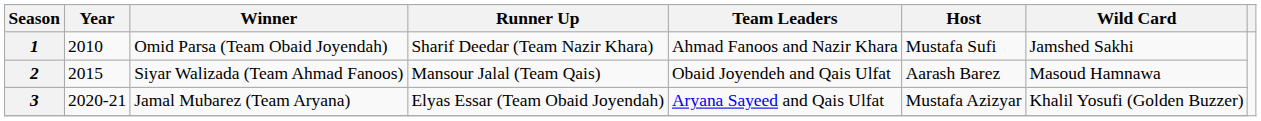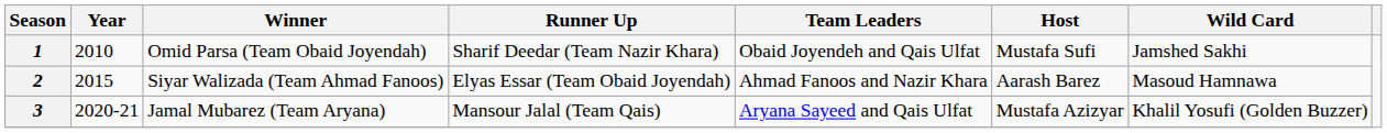 <table class="wikitable plainrowheaders sortable" style="margin-right: 0;">
 <tr>
 <th scope="col">Season</th>
 <th scope="col">Year</th>
 <th scope="col">Winner</th>
 <th scope="col">Runner Up</th>
 <th scope="col">Team Leaders</th>
 <th scope="col">Host</th>
 <th scope="col">Wild Card</th>
 <th scope="col" class="unsortable"></th>
 </tr>
 <tr>
 <th scope="row"><em>1</em></th>
 <td>2010</td>
 <td>Omid Parsa (Team Obaid Joyendah)</td>
 <td>Sharif Deedar (Team Nazir Khara)</td>
-<td>Ahmad Fanoos and Nazir Khara</td>
+<td>Obaid Joyendeh and Qais Ulfat</td>
 <td>Mustafa Sufi</td>
 <td>Jamshed Sakhi</td>
 </tr>
 <tr>
 <th scope="row"><em>2</em></th>
 <td>2015</td>
 <td>Siyar Walizada (Team Ahmad Fanoos)</td>
-<td>Mansour Jalal (Team Qais)</td>
-<td>Obaid Joyendeh and Qais Ulfat</td>
+<td>Elyas Essar (Team Obaid Joyendah)</td>
+<td>Ahmad Fanoos and Nazir Khara</td>
 <td>Aarash Barez</td>
 <td>Masoud Hamnawa</td>
 </tr>
 <tr>
 <th scope="row"><em>3</em></th>
 <td>2020-21</td>
 <td>Jamal Mubarez (Team Aryana)</td>
-<td>Elyas Essar (Team Obaid Joyendah)</td>
+<td>Mansour Jalal (Team Qais)</td>
 <td><a href='#'>Aryana Sayeed</a> and Qais Ulfat</td>
 <td>Mustafa Azizyar</td>
 <td>Khalil Yosufi (Golden Buzzer)</td>
 </tr>
 <tr>
 </tr>
 </table>
